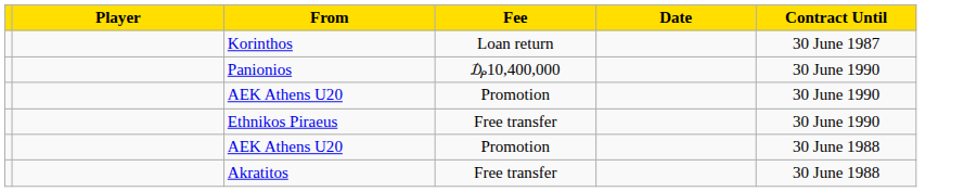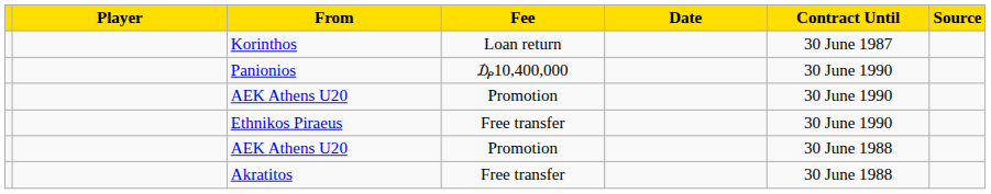 <table class="wikitable sortable">
 <tr>
 <th style="background:#FFDE00"></th>
 <th width=200 style="background:#FFDE00">Player</th>
 <th width=200 style="background:#FFDE00">From</th>
 <th width=150 style="background:#FFDE00">Fee</th>
 <th width=150 style="background:#FFDE00">Date</th>
 <th width=150 style="background:#FFDE00">Contract Until</th>
+<th style="background:#FFDE00">Source</th>
 </tr>
 <tr>
 <td align=center></td>
 <td></td>
 <td> <a href='#'>Korinthos</a></td>
 <td align=center>Loan return</td>
 <td align=center></td>
 <td align=center>30 June 1987</td>
+<td align=center></td>
 </tr>
 <tr>
 <td align=center></td>
 <td></td>
 <td> <a href='#'>Panionios</a></td>
 <td align=center>₯10,400,000</td>
 <td align=center></td>
 <td align=center>30 June 1990</td>
+<td align=center></td>
 </tr>
 <tr>
 <td align=center></td>
 <td></td>
 <td> <a href='#'>AEK Athens U20</a></td>
 <td align=center>Promotion</td>
 <td align=center></td>
 <td align=center>30 June 1990</td>
+<td align=center></td>
 </tr>
 <tr>
 <td align=center></td>
 <td></td>
 <td> <a href='#'>Ethnikos Piraeus</a></td>
 <td align=center>Free transfer</td>
 <td align=center></td>
 <td align=center>30 June 1990</td>
+<td align=center></td>
 </tr>
 <tr>
 <td align=center></td>
 <td></td>
 <td> <a href='#'>AEK Athens U20</a></td>
 <td align=center>Promotion</td>
 <td align=center></td>
 <td align=center>30 June 1988</td>
+<td align=center></td>
 </tr>
 <tr>
 <td align=center></td>
 <td></td>
 <td> <a href='#'>Akratitos</a></td>
 <td align=center>Free transfer</td>
 <td align=center></td>
 <td align=center>30 June 1988</td>
+<td align=center></td>
 </tr>
 </table>
